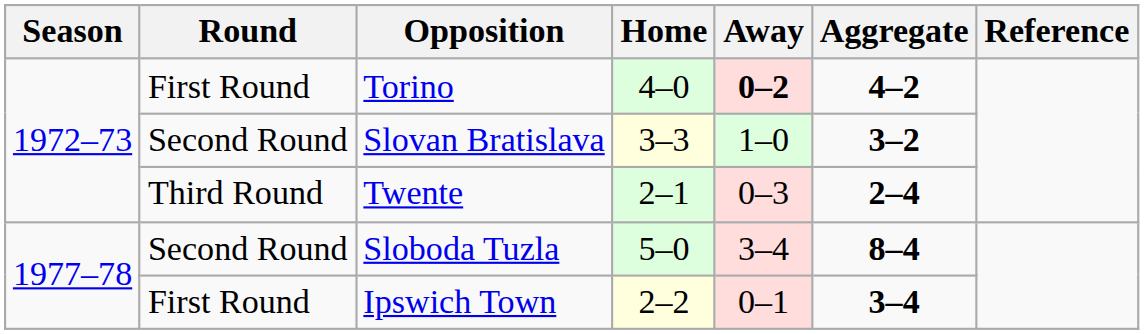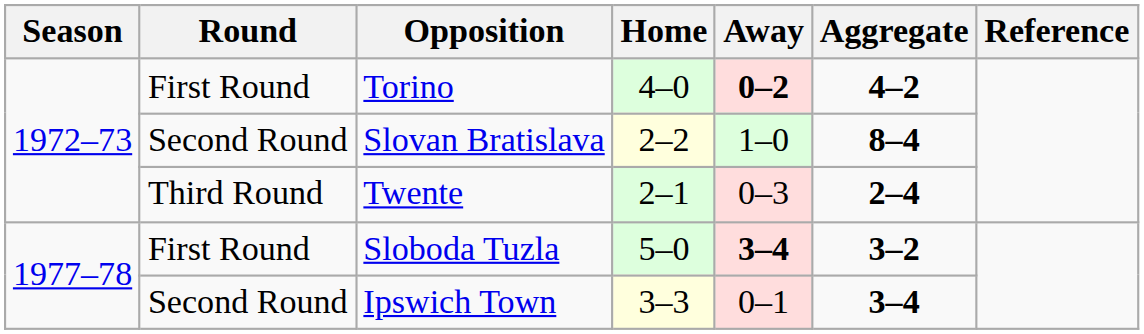 <table class="wikitable">
 <tr>
 <th>Season</th>
 <th>Round</th>
 <th>Opposition</th>
 <th>Home</th>
 <th>Away</th>
 <th>Aggregate</th>
 <th>Reference</th>
 </tr>
 <tr>
 <td rowspan=3><a href='#'>1972–73</a></td>
 <td>First Round</td>
 <td> <a href='#'>Torino</a></td>
 <td style="text-align:center; background:#dfd;">4–0</td>
 <td style="text-align:center; background:#fdd;"><strong>0–2</strong></td>
 <td style="text-align:center;"><strong>4–2</strong></td>
 <td rowspan=3 style="text-align:center;"></td>
 </tr>
 <tr>
 <td>Second Round</td>
 <td> <a href='#'>Slovan Bratislava</a></td>
-<td style="text-align:center; background:#ffd;">3–3</td>
+<td style="text-align:center; background:#ffd;">2–2</td>
 <td style="text-align:center; background:#dfd;">1–0</td>
-<td style="text-align:center;"><strong>3–2</strong></td>
+<td style="text-align:center;"><strong>8–4</strong></td>
 </tr>
 <tr>
 <td>Third Round</td>
 <td> <a href='#'>Twente</a></td>
 <td style="text-align:center; background:#dfd;">2–1</td>
 <td style="text-align:center; background:#fdd;">0–3</td>
 <td style="text-align:center;"><strong>2–4</strong></td>
 </tr>
 <tr>
 <td rowspan=4><a href='#'>1977–78</a></td>
-<td>Second Round</td>
+<td>First Round</td>
 <td> <a href='#'>Sloboda Tuzla</a></td>
 <td style="text-align:center; background:#dfd;">5–0</td>
-<td style="text-align:center; background:#fdd;">3–4</td>
-<td style="text-align:center;"><strong>8–4</strong></td>
+<td style="text-align:center; background:#fdd;"><strong>3–4</strong></td>
+<td style="text-align:center;"><strong>3–2</strong></td>
 <td rowspan=2 style="text-align:center;"></td>
 </tr>
 <tr>
-<td>First Round</td>
+<td>Second Round</td>
 <td> <a href='#'>Ipswich Town</a></td>
-<td style="text-align:center; background:#ffd;">2–2</td>
+<td style="text-align:center; background:#ffd;">3–3</td>
 <td style="text-align:center; background:#fdd;">0–1</td>
 <td style="text-align:center;"><strong>3–4</strong></td>
 </tr>
 </table>
